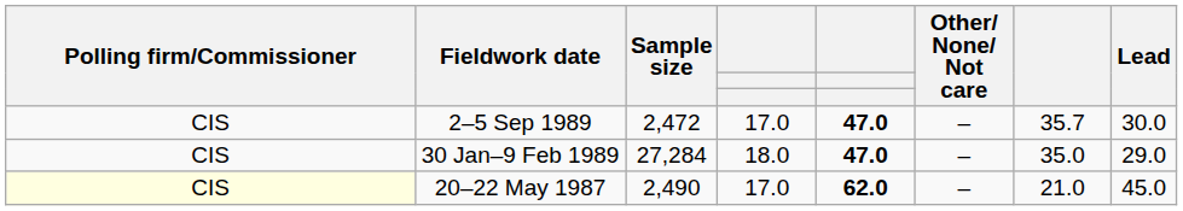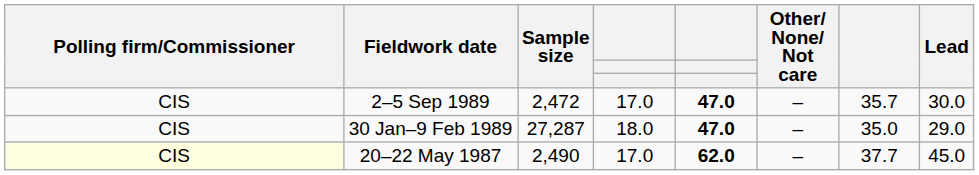 <table class="wikitable collapsible collapsed" style="text-align:center; font-size:90%; line-height:14px;">
 <tr style="height:42px;">
 <th style="width:250px;" rowspan="3">Polling firm/Commissioner</th>
 <th style="width:125px;" rowspan="3">Fieldwork date</th>
 <th style="width:50px;" rowspan="3">Sample size</th>
 <th style="width:55px;"></th>
 <th style="width:55px;"></th>
 <th style="width:55px;" rowspan="3">Other/<br>None/<br>Not<br>care</th>
 <th style="width:55px;" rowspan="3"></th>
 <th style="width:30px;" rowspan="3">Lead</th>
 </tr>
 <tr>
 <th style="color:inherit;background:"></th>
 <th style="color:inherit;background:"></th>
 </tr>
 <tr>
 <th></th>
 <th></th>
 </tr>
 <tr>
 <td>CIS</td>
 <td>2–5 Sep 1989</td>
 <td>2,472</td>
 <td>17.0</td>
 <td><strong>47.0</strong></td>
 <td>–</td>
 <td>35.7</td>
 <td style="background:">30.0</td>
 </tr>
 <tr>
 <td>CIS</td>
 <td>30 Jan–9 Feb 1989</td>
-<td>27,284</td>
+<td>27,287</td>
 <td>18.0</td>
 <td><strong>47.0</strong></td>
 <td>–</td>
 <td>35.0</td>
 <td style="background:">29.0</td>
 </tr>
 <tr>
 <td style="background: lightyellow;">CIS</td>
 <td>20–22 May 1987</td>
 <td>2,490</td>
 <td>17.0</td>
 <td><strong>62.0</strong></td>
 <td>–</td>
-<td>21.0</td>
+<td>37.7</td>
 <td style="background:">45.0</td>
 </tr>
 </table>
